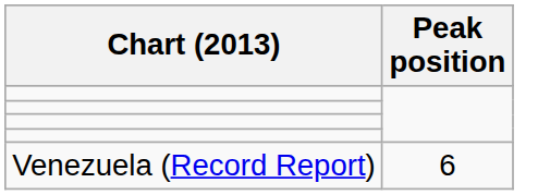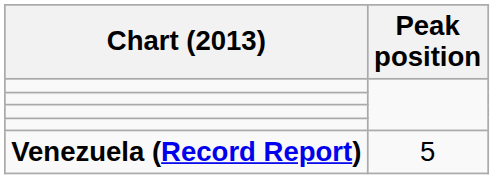 <table class="wikitable sortable">
 <tr>
 <th>Chart (2013)</th>
 <th>Peak<br>position</th>
 </tr>
 <tr>
 <td></td>
 </tr>
 <tr>
 <td></td>
 </tr>
 <tr>
 <td></td>
 </tr>
 <tr>
 <td></td>
 </tr>
 <tr>
-<td>Venezuela (<a href='#'>Record Report</a>)</td>
-<td align="center">6</td>
+<td><strong>Venezuela (<a href='#'>Record Report</a>)</strong></td>
+<td align="center">5</td>
 </tr>
 </table>
